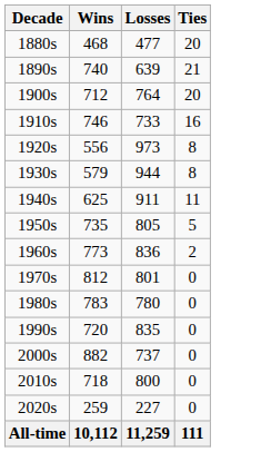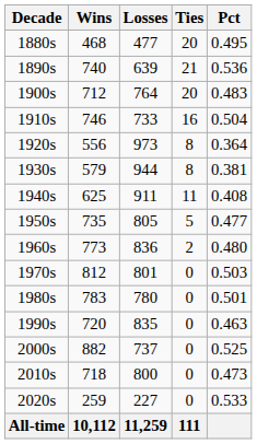 <table class="wikitable" style="text-align:center">
 <tr>
 <th style="text-align:center; ">Decade</th>
 <th style="text-align:center; ">Wins</th>
 <th style="text-align:center; ">Losses</th>
 <th style="text-align:center; ">Ties</th>
+<th style="text-align:center; ">Pct</th>
 </tr>
 <tr>
 <td>1880s</td>
 <td>468</td>
 <td>477</td>
 <td>20</td>
+<td>0.495</td>
 </tr>
 <tr>
 <td>1890s</td>
 <td>740</td>
 <td>639</td>
 <td>21</td>
+<td>0.536</td>
 </tr>
 <tr>
 <td>1900s</td>
 <td>712</td>
 <td>764</td>
 <td>20</td>
+<td>0.483</td>
 </tr>
 <tr>
 <td>1910s</td>
 <td>746</td>
 <td>733</td>
 <td>16</td>
+<td>0.504</td>
 </tr>
 <tr>
 <td>1920s</td>
 <td>556</td>
 <td>973</td>
 <td>8</td>
+<td>0.364</td>
 </tr>
 <tr>
 <td>1930s</td>
 <td>579</td>
 <td>944</td>
 <td>8</td>
+<td>0.381</td>
 </tr>
 <tr>
 <td>1940s</td>
 <td>625</td>
 <td>911</td>
 <td>11</td>
+<td>0.408</td>
 </tr>
 <tr>
 <td>1950s</td>
 <td>735</td>
 <td>805</td>
 <td>5</td>
+<td>0.477</td>
 </tr>
 <tr>
 <td>1960s</td>
 <td>773</td>
 <td>836</td>
 <td>2</td>
+<td>0.480</td>
 </tr>
 <tr>
 <td>1970s</td>
 <td>812</td>
 <td>801</td>
 <td>0</td>
+<td>0.503</td>
 </tr>
 <tr>
 <td>1980s</td>
 <td>783</td>
 <td>780</td>
 <td>0</td>
+<td>0.501</td>
 </tr>
 <tr>
 <td>1990s</td>
 <td>720</td>
 <td>835</td>
 <td>0</td>
+<td>0.463</td>
 </tr>
 <tr>
 <td>2000s</td>
 <td>882</td>
 <td>737</td>
 <td>0</td>
+<td>0.525</td>
 </tr>
 <tr>
 <td>2010s</td>
 <td>718</td>
 <td>800</td>
 <td>0</td>
+<td>0.473</td>
 </tr>
 <tr>
 <td>2020s</td>
 <td>259</td>
 <td>227</td>
 <td>0</td>
+<td>0.533</td>
 </tr>
 <tr style="background:#f0f0f0; font-weight:bold">
 <th style="text-align:center; ">All-time</th>
 <th style="text-align:center; ">10,112</th>
 <th style="text-align:center; ">11,259</th>
 <th style="text-align:center; ">111</th>
+<th style="text-align:center; "></th>
 </tr>
 </table>
